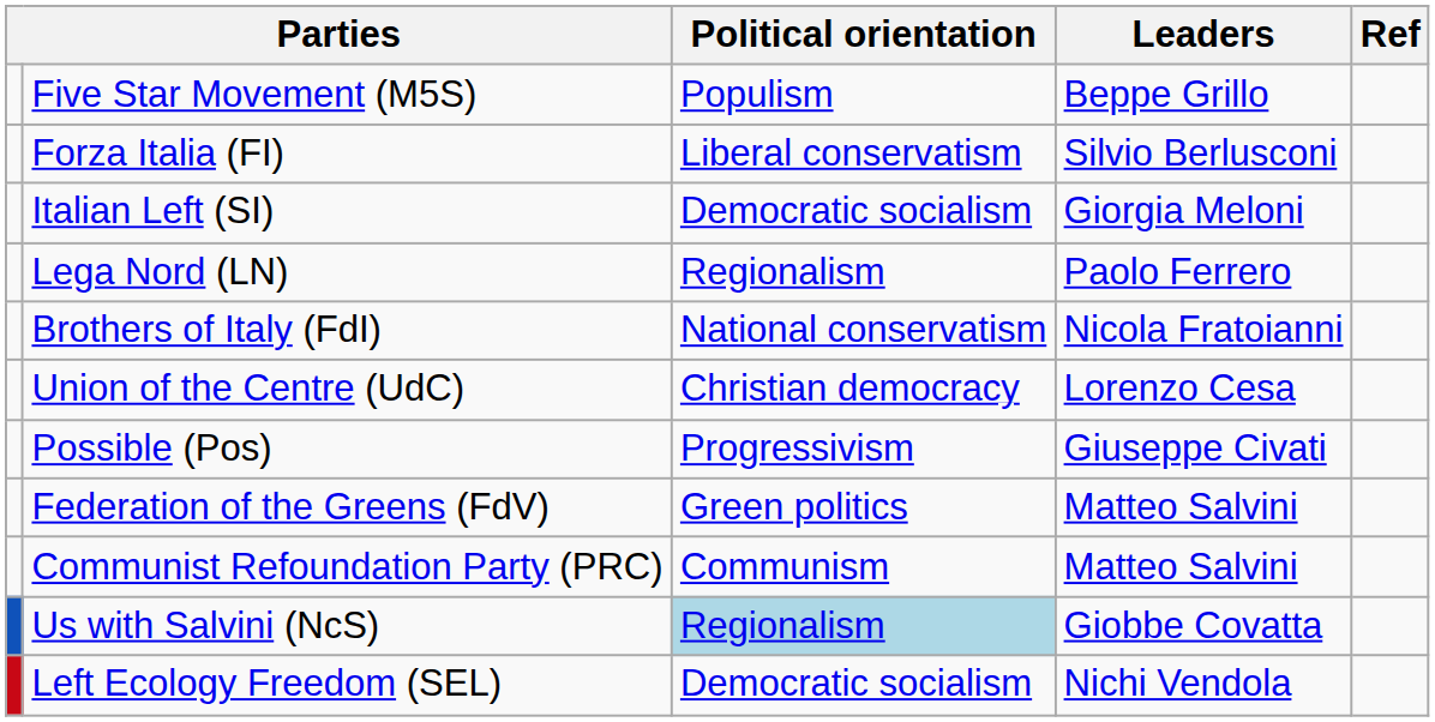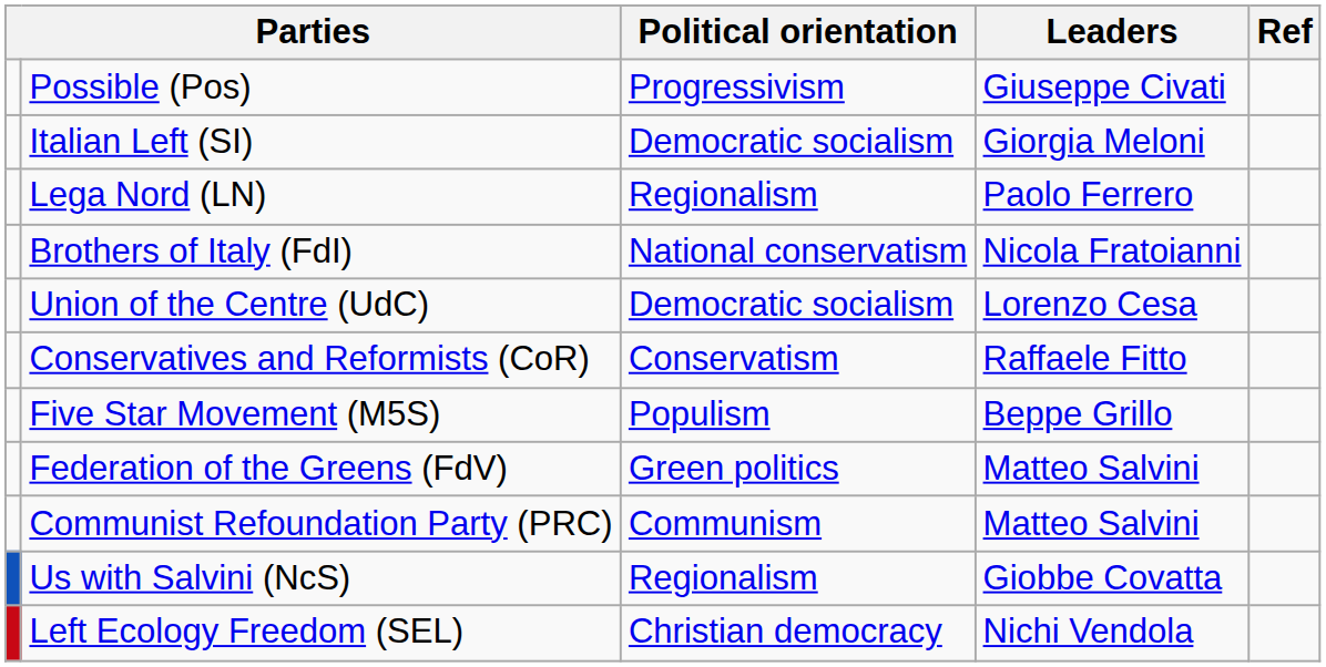 <table class="wikitable">
 <tr>
 <th colspan=2>Parties</th>
 <th>Political orientation</th>
 <th>Leaders</th>
 <th>Ref</th>
 </tr>
 <tr>
 <td style="background-color: "></td>
-<td><a href='#'>Five Star Movement</a> (M5S)</td>
-<td><a href='#'>Populism</a></td>
-<td><a href='#'>Beppe Grillo</a></td>
-<td></td>
-</tr>
-<tr>
-<td style="background-color: "></td>
-<td><a href='#'>Forza Italia</a> (FI)</td>
-<td><a href='#'>Liberal conservatism</a></td>
-<td><a href='#'>Silvio Berlusconi</a></td>
+<td><a href='#'>Possible</a> (Pos)</td>
+<td><a href='#'>Progressivism</a></td>
+<td><a href='#'>Giuseppe Civati</a></td>
 <td></td>
 </tr>
 <tr>
 <td style="background-color: "></td>
 <td><a href='#'>Italian Left</a> (SI)</td>
 <td><a href='#'>Democratic socialism</a></td>
 <td><a href='#'>Giorgia Meloni</a></td>
 <td></td>
 </tr>
 <tr>
 <td style="background-color: "></td>
 <td><a href='#'>Lega Nord</a> (LN)</td>
 <td><a href='#'>Regionalism</a></td>
 <td><a href='#'>Paolo Ferrero</a></td>
 <td></td>
 </tr>
 <tr>
 <td style="background-color: "></td>
 <td><a href='#'>Brothers of Italy</a> (FdI)</td>
 <td><a href='#'>National conservatism</a></td>
 <td><a href='#'>Nicola Fratoianni</a></td>
 <td></td>
 </tr>
 <tr>
 <td style="background-color: "></td>
 <td><a href='#'>Union of the Centre</a> (UdC)</td>
-<td><a href='#'>Christian democracy</a></td>
+<td><a href='#'>Democratic socialism</a></td>
 <td><a href='#'>Lorenzo Cesa</a></td>
 <td></td>
 </tr>
 <tr>
 <td style="background-color: "></td>
-<td><a href='#'>Possible</a> (Pos)</td>
-<td><a href='#'>Progressivism</a></td>
-<td><a href='#'>Giuseppe Civati</a></td>
+<td><a href='#'>Conservatives and Reformists</a> (CoR)</td>
+<td><a href='#'>Conservatism</a></td>
+<td><a href='#'>Raffaele Fitto</a></td>
+<td></td>
+</tr>
+<tr>
+<td style="background-color: "></td>
+<td><a href='#'>Five Star Movement</a> (M5S)</td>
+<td><a href='#'>Populism</a></td>
+<td><a href='#'>Beppe Grillo</a></td>
 <td></td>
 </tr>
 <tr>
 <td style="background-color: "></td>
 <td><a href='#'>Federation of the Greens</a> (FdV)</td>
 <td><a href='#'>Green politics</a></td>
 <td><a href='#'>Matteo Salvini</a></td>
 <td></td>
 </tr>
 <tr>
 <td style="background-color: "></td>
 <td><a href='#'>Communist Refoundation Party</a> (PRC)</td>
 <td><a href='#'>Communism</a></td>
 <td><a href='#'>Matteo Salvini</a></td>
 <td></td>
 </tr>
 <tr>
 <td style="background-color:#0F52BA"></td>
 <td><a href='#'>Us with Salvini</a> (NcS)</td>
-<td style="background: lightblue;"><a href='#'>Regionalism</a></td>
+<td><a href='#'>Regionalism</a></td>
 <td><a href='#'>Giobbe Covatta</a></td>
 <td></td>
 </tr>
 <tr>
 <td style="background-color:#C80815"></td>
 <td><a href='#'>Left Ecology Freedom</a> (SEL)</td>
-<td><a href='#'>Democratic socialism</a></td>
+<td><a href='#'>Christian democracy</a></td>
 <td><a href='#'>Nichi Vendola</a></td>
 <td></td>
 </tr>
 </table>
